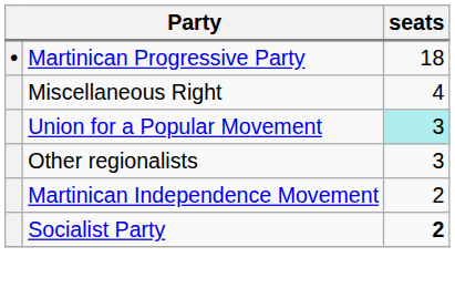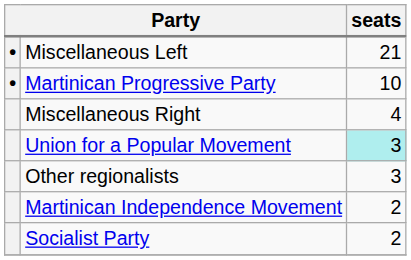 <table class="wikitable" style="font-size: 95%;">
 <tr style="background-color:#E9E9E9; border-bottom: 2px solid gray;">
 <th colspan=2>Party</th>
 <th>seats</th>
 </tr>
 <tr>
 <th style="background-color: "><span>•</span></th>
+<td>Miscellaneous Left</td>
+<td align="right">21</td>
+</tr>
+<tr>
+<th style="background-color: "><span>•</span></th>
 <td><a href='#'>Martinican Progressive Party</a></td>
-<td align="right">18</td>
+<td align="right">10</td>
 </tr>
 <tr>
 <th style="background-color: "></th>
 <td>Miscellaneous Right</td>
 <td align="right">4</td>
 </tr>
 <tr>
 <th style="background-color: "></th>
 <td><a href='#'>Union for a Popular Movement</a></td>
 <td align="right" style="background: paleturquoise;">3</td>
 </tr>
 <tr>
 <th style="background-color: "></th>
 <td>Other regionalists</td>
 <td align="right">3</td>
 </tr>
 <tr>
 <th style="background-color: "></th>
 <td><a href='#'>Martinican Independence Movement</a></td>
 <td align="right">2</td>
 </tr>
 <tr>
 <th style="background-color: "></th>
 <td><a href='#'>Socialist Party</a></td>
-<td align="right"><strong>2</strong></td>
+<td align="right">2</td>
 </tr>
 <tr>
 </tr>
 </table>
